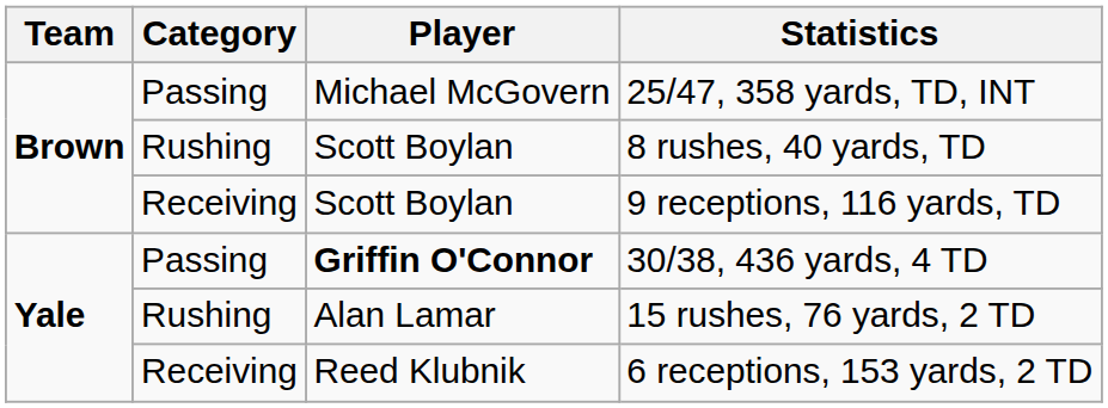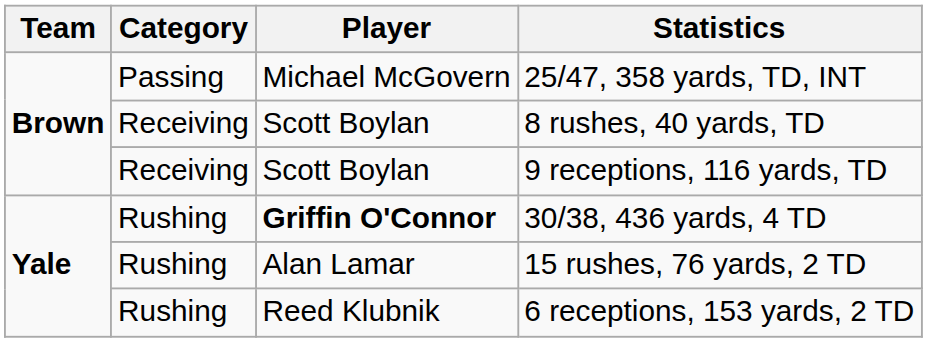 <table class="wikitable" style="float: left;">
 <tr>
 <th>Team</th>
 <th>Category</th>
 <th>Player</th>
 <th>Statistics</th>
 </tr>
 <tr>
 <td rowspan=3><strong>Brown</strong></td>
 <td>Passing</td>
 <td>Michael McGovern</td>
 <td>25/47, 358 yards, TD, INT</td>
 </tr>
 <tr>
-<td>Rushing</td>
+<td>Receiving</td>
 <td>Scott Boylan</td>
 <td>8 rushes, 40 yards, TD</td>
 </tr>
 <tr>
 <td>Receiving</td>
 <td>Scott Boylan</td>
 <td>9 receptions, 116 yards, TD</td>
 </tr>
 <tr>
 <td rowspan=3><strong>Yale</strong></td>
-<td>Passing</td>
+<td>Rushing</td>
 <td><strong>Griffin O'Connor</strong></td>
 <td>30/38, 436 yards, 4 TD</td>
 </tr>
 <tr>
 <td>Rushing</td>
 <td>Alan Lamar</td>
 <td>15 rushes, 76 yards, 2 TD</td>
 </tr>
 <tr>
-<td>Receiving</td>
+<td>Rushing</td>
 <td>Reed Klubnik</td>
 <td>6 receptions, 153 yards, 2 TD</td>
 </tr>
 </table>
